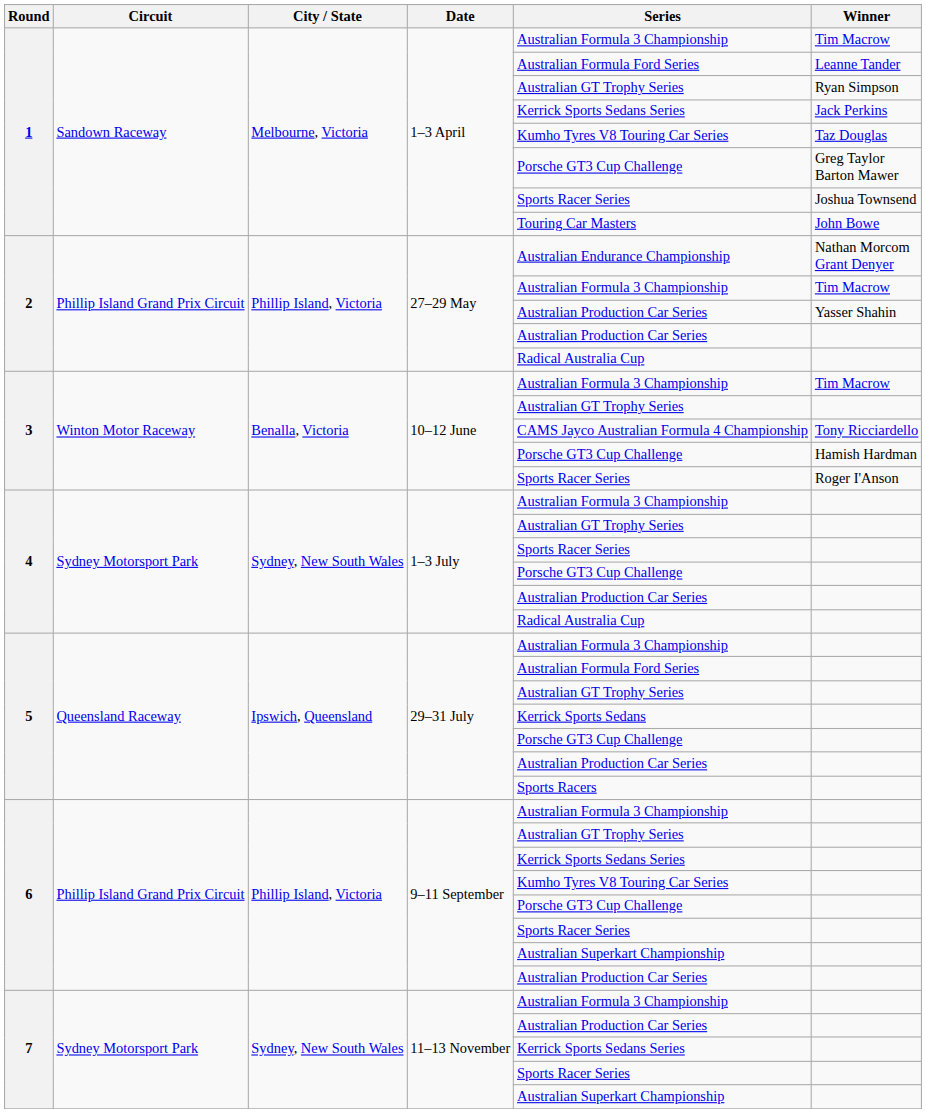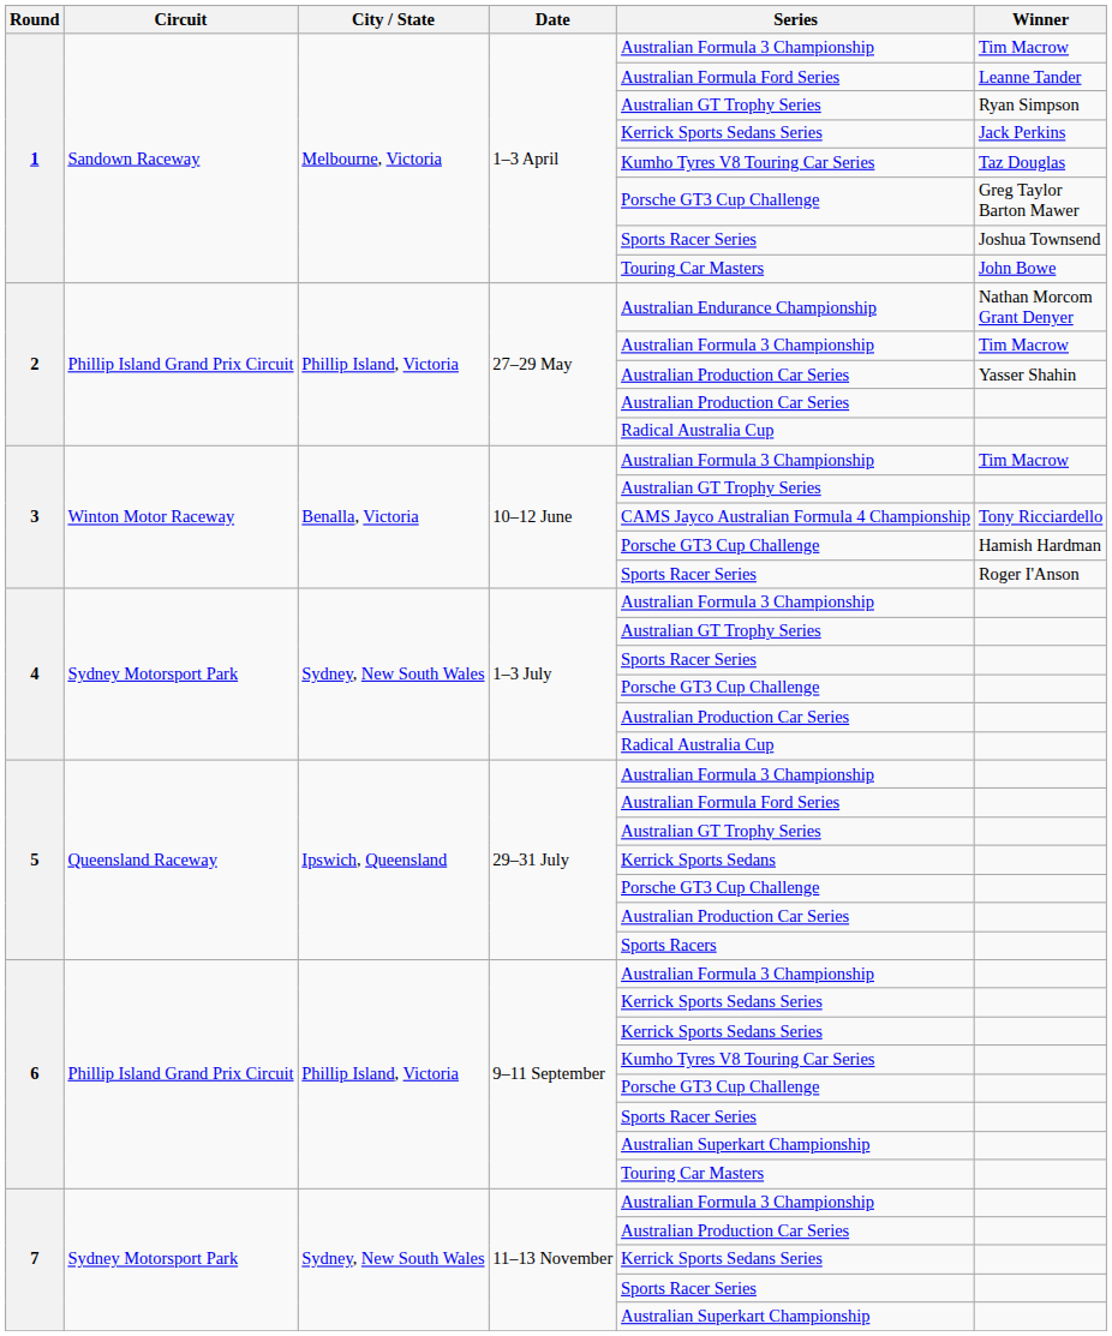 <table class="wikitable" style="font-size: 85%">
 <tr>
 <th>Round</th>
 <th>Circuit</th>
 <th>City / State</th>
 <th>Date</th>
 <th>Series</th>
 <th>Winner</th>
 </tr>
 <tr>
 <th rowspan=8><a href='#'>1</a></th>
 <td rowspan=8> <a href='#'>Sandown Raceway</a></td>
 <td rowspan=8><a href='#'>Melbourne</a>, <a href='#'>Victoria</a></td>
 <td rowspan=8>1–3 April</td>
 <td><a href='#'>Australian Formula 3 Championship</a></td>
 <td> <a href='#'>Tim Macrow</a></td>
 </tr>
 <tr>
 <td><a href='#'>Australian Formula Ford Series</a></td>
 <td> <a href='#'>Leanne Tander</a></td>
 </tr>
 <tr>
 <td><a href='#'>Australian GT Trophy Series</a></td>
 <td> Ryan Simpson</td>
 </tr>
 <tr>
 <td><a href='#'>Kerrick Sports Sedans Series</a></td>
 <td> <a href='#'>Jack Perkins</a></td>
 </tr>
 <tr>
 <td><a href='#'>Kumho Tyres V8 Touring Car Series</a></td>
 <td> <a href='#'>Taz Douglas</a></td>
 </tr>
 <tr>
 <td><a href='#'>Porsche GT3 Cup Challenge</a></td>
 <td> Greg Taylor<br> Barton Mawer</td>
 </tr>
 <tr>
 <td><a href='#'>Sports Racer Series</a></td>
 <td> Joshua Townsend</td>
 </tr>
 <tr>
 <td><a href='#'>Touring Car Masters</a></td>
 <td> <a href='#'>John Bowe</a></td>
 </tr>
 <tr>
 <th rowspan=5>2</th>
 <td rowspan=5> <a href='#'>Phillip Island Grand Prix Circuit</a></td>
 <td rowspan=5><a href='#'>Phillip Island</a>, <a href='#'>Victoria</a></td>
 <td rowspan=5>27–29 May</td>
 <td><a href='#'>Australian Endurance Championship</a></td>
 <td> Nathan Morcom<br> <a href='#'>Grant Denyer</a></td>
 </tr>
 <tr>
 <td><a href='#'>Australian Formula 3 Championship</a></td>
 <td> <a href='#'>Tim Macrow</a></td>
 </tr>
 <tr>
 <td><a href='#'>Australian Production Car Series</a></td>
 <td> Yasser Shahin</td>
 </tr>
 <tr>
 <td><a href='#'>Australian Production Car Series</a></td>
 <td></td>
 </tr>
 <tr>
 <td><a href='#'>Radical Australia Cup</a></td>
 <td></td>
 </tr>
 <tr>
 <th rowspan=5>3</th>
 <td rowspan=5> <a href='#'>Winton Motor Raceway</a></td>
 <td rowspan=5><a href='#'>Benalla</a>, <a href='#'>Victoria</a></td>
 <td rowspan=5>10–12 June</td>
 <td><a href='#'>Australian Formula 3 Championship</a></td>
 <td> <a href='#'>Tim Macrow</a></td>
 </tr>
 <tr>
 <td><a href='#'>Australian GT Trophy Series</a></td>
 <td></td>
 </tr>
 <tr>
 <td><a href='#'>CAMS Jayco Australian Formula 4 Championship</a></td>
 <td> <a href='#'>Tony Ricciardello</a></td>
 </tr>
 <tr>
 <td><a href='#'>Porsche GT3 Cup Challenge</a></td>
 <td> Hamish Hardman</td>
 </tr>
 <tr>
 <td><a href='#'>Sports Racer Series</a></td>
 <td> Roger I'Anson</td>
 </tr>
 <tr>
 <th rowspan=6>4</th>
 <td rowspan=6> <a href='#'>Sydney Motorsport Park</a></td>
 <td rowspan=6><a href='#'>Sydney</a>, <a href='#'>New South Wales</a></td>
 <td rowspan=6>1–3 July</td>
 <td><a href='#'>Australian Formula 3 Championship</a></td>
 <td></td>
 </tr>
 <tr>
 <td><a href='#'>Australian GT Trophy Series</a></td>
 <td></td>
 </tr>
 <tr>
 <td><a href='#'>Sports Racer Series</a></td>
 <td></td>
 </tr>
 <tr>
 <td><a href='#'>Porsche GT3 Cup Challenge</a></td>
 <td></td>
 </tr>
 <tr>
 <td><a href='#'>Australian Production Car Series</a></td>
 <td></td>
 </tr>
 <tr>
 <td><a href='#'>Radical Australia Cup</a></td>
 <td></td>
 </tr>
 <tr>
 <th rowspan="7">5</th>
 <td rowspan="7"> <a href='#'>Queensland Raceway</a></td>
 <td rowspan="7"><a href='#'>Ipswich</a>, <a href='#'>Queensland</a></td>
 <td rowspan="7">29–31 July</td>
 <td><a href='#'>Australian Formula 3 Championship</a></td>
 <td></td>
 </tr>
 <tr>
 <td><a href='#'>Australian Formula Ford Series</a></td>
 <td></td>
 </tr>
 <tr>
 <td><a href='#'>Australian GT Trophy Series</a></td>
 <td></td>
 </tr>
 <tr>
 <td><a href='#'>Kerrick Sports Sedans</a></td>
 <td></td>
 </tr>
 <tr>
 <td><a href='#'>Porsche GT3 Cup Challenge</a></td>
 <td></td>
 </tr>
 <tr>
 <td><a href='#'>Australian Production Car Series</a></td>
 <td></td>
 </tr>
 <tr>
 <td><a href='#'>Sports Racers</a></td>
 <td></td>
 </tr>
 <tr>
 <th rowspan=8>6</th>
 <td rowspan=8> <a href='#'>Phillip Island Grand Prix Circuit</a></td>
 <td rowspan=8><a href='#'>Phillip Island</a>, <a href='#'>Victoria</a></td>
 <td rowspan=8>9–11 September</td>
 <td><a href='#'>Australian Formula 3 Championship</a></td>
 <td></td>
 </tr>
 <tr>
-<td><a href='#'>Australian GT Trophy Series</a></td>
+<td><a href='#'>Kerrick Sports Sedans Series</a></td>
 <td></td>
 </tr>
 <tr>
 <td><a href='#'>Kerrick Sports Sedans Series</a></td>
 <td></td>
 </tr>
 <tr>
 <td><a href='#'>Kumho Tyres V8 Touring Car Series</a></td>
 <td></td>
 </tr>
 <tr>
 <td><a href='#'>Porsche GT3 Cup Challenge</a></td>
 <td></td>
 </tr>
 <tr>
 <td><a href='#'>Sports Racer Series</a></td>
 <td></td>
 </tr>
 <tr>
 <td><a href='#'>Australian Superkart Championship</a></td>
 <td></td>
 </tr>
 <tr>
-<td><a href='#'>Australian Production Car Series</a></td>
+<td><a href='#'>Touring Car Masters</a></td>
 <td></td>
 </tr>
 <tr>
 <th rowspan=5>7</th>
 <td rowspan=5> <a href='#'>Sydney Motorsport Park</a></td>
 <td rowspan=5><a href='#'>Sydney</a>, <a href='#'>New South Wales</a></td>
 <td rowspan=5>11–13 November</td>
 <td><a href='#'>Australian Formula 3 Championship</a></td>
 <td></td>
 </tr>
 <tr>
 <td><a href='#'>Australian Production Car Series</a></td>
 <td></td>
 </tr>
 <tr>
 <td><a href='#'>Kerrick Sports Sedans Series</a></td>
 <td></td>
 </tr>
 <tr>
 <td><a href='#'>Sports Racer Series</a></td>
 <td></td>
 </tr>
 <tr>
 <td><a href='#'>Australian Superkart Championship</a></td>
 <td></td>
 </tr>
 <tr>
 </tr>
 </table>
